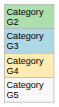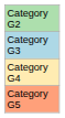 <table class="wikitable" style="font-size:85%;" width=12%>
 <tr bgcolor="#ADDFAD">
 <td>Category G2</td>
 </tr>
 <tr bgcolor="lightblue">
 <td>Category G3</td>
 </tr>
 <tr bgcolor=#ffecb2>
 <td>Category G4</td>
 </tr>
 <tr>
-<td>Category G5</td>
+<td style="background: lightsalmon;">Category G5</td>
 </tr>
 </table>
